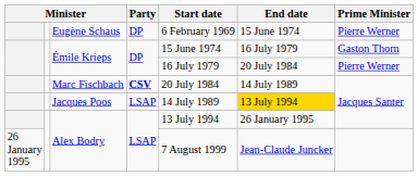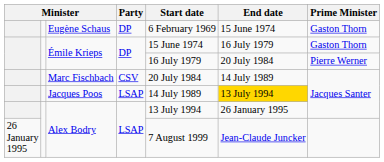 <table class="wikitable">
 <tr style="background: #efefef;">
 <th colspan=3>Minister</th>
 <th>Party</th>
 <th>Start date</th>
 <th>End date</th>
 <th>Prime Minister</th>
 </tr>
 <tr>
 <th width=5px style="background-color: "></th>
 <td></td>
 <td><a href='#'>Eugène Schaus</a></td>
 <td><a href='#'>DP</a></td>
 <td>6 February 1969</td>
 <td>15 June 1974</td>
-<td><a href='#'>Pierre Werner</a></td>
+<td><a href='#'>Gaston Thorn</a></td>
 </tr>
 <tr>
 <th rowspan=2 style="background-color: "></th>
 <td rowspan=2></td>
 <td rowspan=2><a href='#'>Émile Krieps</a></td>
 <td rowspan=2><a href='#'>DP</a></td>
 <td>15 June 1974</td>
 <td>16 July 1979</td>
 <td><a href='#'>Gaston Thorn</a></td>
 </tr>
 <tr>
 <td>16 July 1979</td>
 <td>20 July 1984</td>
 <td><a href='#'>Pierre Werner</a></td>
 </tr>
 <tr>
 <th style="background-color: "></th>
 <td></td>
 <td><a href='#'>Marc Fischbach</a></td>
-<td><strong><a href='#'>CSV</a></strong></td>
+<td><a href='#'>CSV</a></td>
 <td>20 July 1984</td>
 <td>14 July 1989</td>
 <td rowspan=3><a href='#'>Jacques Santer</a></td>
 </tr>
 <tr>
 <th style="background-color: "></th>
 <td></td>
 <td><a href='#'>Jacques Poos</a></td>
 <td><a href='#'>LSAP</a></td>
 <td>14 July 1989</td>
 <td style="background: gold;">13 July 1994</td>
 </tr>
 <tr>
 <th style="background-color: "></th>
 <td rowspan=2></td>
 <td rowspan=2><a href='#'>Alex Bodry</a></td>
 <td rowspan=2><a href='#'>LSAP</a></td>
 <td>13 July 1994</td>
 <td>26 January 1995</td>
 </tr>
 <tr>
 <td>26 January 1995</td>
 <td>7 August 1999</td>
 <td><a href='#'>Jean-Claude Juncker</a></td>
 </tr>
 </table>
